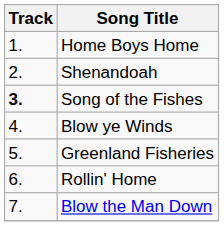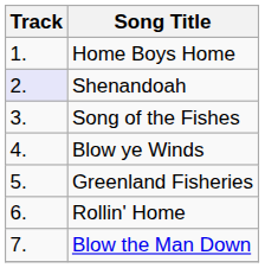 <table class="wikitable" style="font-size:95%;">
 <tr>
 <th>Track</th>
 <th>Song Title</th>
 </tr>
 <tr>
 <td>1.</td>
 <td>Home Boys Home</td>
 </tr>
 <tr>
-<td>2.</td>
+<td style="background: lavender;">2.</td>
 <td>Shenandoah</td>
 </tr>
 <tr>
-<td><strong>3.</strong></td>
+<td>3.</td>
 <td>Song of the Fishes</td>
 </tr>
 <tr>
 <td>4.</td>
 <td>Blow ye Winds</td>
 </tr>
 <tr>
 <td>5.</td>
 <td>Greenland Fisheries</td>
 </tr>
 <tr>
 <td>6.</td>
 <td>Rollin' Home</td>
 </tr>
 <tr>
 <td>7.</td>
 <td><a href='#'>Blow the Man Down</a></td>
 </tr>
 <tr>
 </tr>
 </table>
